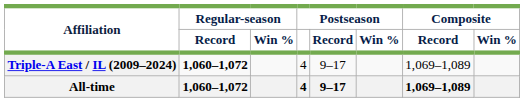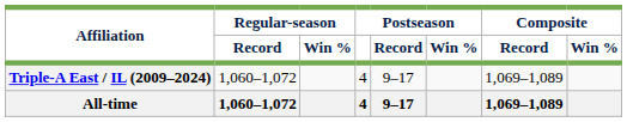 <table class="wikitable sortable plainrowheaders" style="font-size: 95%; text-align:center;">
 <tr>
 <th rowspan="2" scope="col" style="background-color:#ffffff; border-top:#73AA4F 5px solid; border-bottom:#73AA4F 5px solid; color:#0D223F">Affiliation</th>
 <th colspan="2" scope="col" style="background-color:#ffffff; border-top:#73AA4F 5px solid; color:#071d49">Regular-season</th>
 <th colspan="3" scope="col" style="background-color:#ffffff; border-top:#73AA4F 5px solid; color:#071d49">Postseason</th>
 <th colspan="2" scope="col" style="background-color:#ffffff; border-top:#73AA4F 5px solid; color:#071d49">Composite</th>
 </tr>
 <tr>
 <th scope="col" style="background-color:#ffffff; border-bottom:#73AA4F 5px solid; color:#071d49">Record</th>
 <th scope="col" style="background-color:#ffffff; border-bottom:#73AA4F 5px solid; color:#071d49">Win %</th>
 <th scope="col" style="background-color:#ffffff; border-bottom:#73AA4F 5px solid; color:#071d49"></th>
 <th scope="col" style="background-color:#ffffff; border-bottom:#73AA4F 5px solid; color:#071d49">Record</th>
 <th scope="col" style="background-color:#ffffff; border-bottom:#73AA4F 5px solid; color:#071d49">Win %</th>
 <th scope="col" style="background-color:#ffffff; border-bottom:#73AA4F 5px solid; color:#071d49">Record</th>
 <th scope="col" style="background-color:#ffffff; border-bottom:#73AA4F 5px solid; color:#071d49">Win %</th>
 </tr>
 <tr>
 <th scope="row"><a href='#'>Triple-A East</a> / <a href='#'>IL</a> (2009–2024)</th>
-<td><strong>1,060–1,072</strong></td>
+<td>1,060–1,072</td>
 <td></td>
 <td>4</td>
 <td>9–17</td>
 <td></td>
 <td>1,069–1,089</td>
 <td></td>
 </tr>
 <tr>
 <th scope="row"><strong>All-time</strong></th>
 <th>1,060–1,072</th>
 <th></th>
 <th>4</th>
 <th>9–17</th>
 <th></th>
 <th>1,069–1,089</th>
 <th></th>
 </tr>
 </table>
